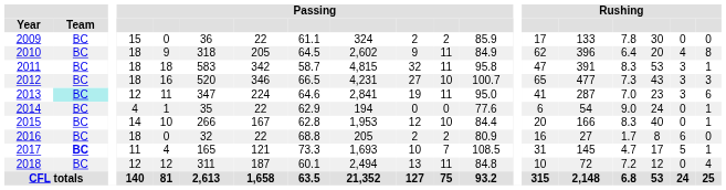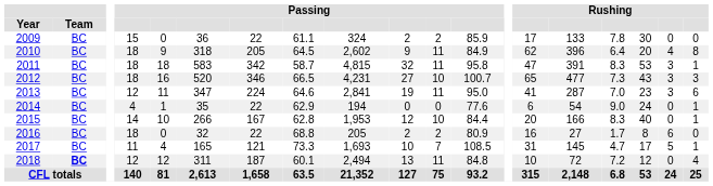 <table border="0" cellpadding="1" cellspacing="0" width="65%" style="text-align:center">
 <tr bgcolor="#e0e0e0">
 <th colspan="2"></th>
 <th rowspan="99" bgcolor="#ffffff"> </th>
 <th colspan="9">Passing</th>
 <th rowspan="99" bgcolor="#ffffff"> </th>
 <th colspan="6">Rushing</th>
 </tr>
 <tr bgcolor="#e0e0e0">
 <th>Year</th>
 <th>Team</th>
 <th></th>
 <th></th>
 <th></th>
 <th></th>
 <th></th>
 <th></th>
 <th></th>
 <th></th>
 <th></th>
 <th></th>
 <th></th>
 <th></th>
 <th></th>
 <th></th>
 <th></th>
 </tr>
 <tr align="center">
 <td><a href='#'>2009</a></td>
 <td><a href='#'>BC</a></td>
 <td>15</td>
 <td>0</td>
 <td>36</td>
 <td>22</td>
 <td>61.1</td>
 <td>324</td>
 <td>2</td>
 <td>2</td>
 <td>85.9</td>
 <td>17</td>
 <td>133</td>
 <td>7.8</td>
 <td>30</td>
 <td>0</td>
 <td>0</td>
 </tr>
 <tr align="center" bgcolor="#f0f0f0">
 <td><a href='#'>2010</a></td>
 <td><a href='#'>BC</a></td>
 <td>18</td>
 <td>9</td>
 <td>318</td>
 <td>205</td>
 <td>64.5</td>
 <td>2,602</td>
 <td>9</td>
 <td>11</td>
 <td>84.9</td>
 <td>62</td>
 <td>396</td>
 <td>6.4</td>
 <td>20</td>
 <td>4</td>
 <td>8</td>
 </tr>
 <tr align="center">
 <td><a href='#'>2011</a></td>
 <td><a href='#'>BC</a></td>
 <td>18</td>
 <td>18</td>
 <td>583</td>
 <td>342</td>
 <td>58.7</td>
 <td>4,815</td>
 <td>32</td>
 <td>11</td>
 <td>95.8</td>
 <td>47</td>
 <td>391</td>
 <td>8.3</td>
 <td>53</td>
 <td>3</td>
 <td>1</td>
 </tr>
 <tr align="center" bgcolor="#f0f0f0">
 <td><a href='#'>2012</a></td>
 <td><a href='#'>BC</a></td>
 <td>18</td>
 <td>16</td>
 <td>520</td>
 <td>346</td>
 <td>66.5</td>
 <td>4,231</td>
 <td>27</td>
 <td>10</td>
 <td>100.7</td>
 <td>65</td>
 <td>477</td>
 <td>7.3</td>
 <td>43</td>
 <td>3</td>
 <td>3</td>
 </tr>
 <tr align="center">
 <td><a href='#'>2013</a></td>
-<td style="background: paleturquoise;"><a href='#'>BC</a></td>
+<td><a href='#'>BC</a></td>
 <td>12</td>
 <td>11</td>
 <td>347</td>
 <td>224</td>
 <td>64.6</td>
 <td>2,841</td>
 <td>19</td>
 <td>11</td>
 <td>95.0</td>
 <td>41</td>
 <td>287</td>
 <td>7.0</td>
 <td>23</td>
 <td>3</td>
 <td>6</td>
 </tr>
 <tr align="center" bgcolor="#f0f0f0">
 <td><a href='#'>2014</a></td>
 <td><a href='#'>BC</a></td>
 <td>4</td>
 <td>1</td>
 <td>35</td>
 <td>22</td>
 <td>62.9</td>
 <td>194</td>
 <td>0</td>
 <td>0</td>
 <td>77.6</td>
 <td>6</td>
 <td>54</td>
 <td>9.0</td>
 <td>24</td>
 <td>0</td>
 <td>1</td>
 </tr>
 <tr align="center">
 <td><a href='#'>2015</a></td>
 <td><a href='#'>BC</a></td>
 <td>14</td>
 <td>10</td>
 <td>266</td>
 <td>167</td>
 <td>62.8</td>
 <td>1,953</td>
 <td>12</td>
 <td>10</td>
 <td>84.4</td>
 <td>20</td>
 <td>166</td>
 <td>8.3</td>
 <td>40</td>
 <td>0</td>
 <td>1</td>
 </tr>
 <tr align="center" bgcolor="#f0f0f0">
 <td><a href='#'>2016</a></td>
 <td><a href='#'>BC</a></td>
 <td>18</td>
 <td>0</td>
 <td>32</td>
 <td>22</td>
 <td>68.8</td>
 <td>205</td>
 <td>2</td>
 <td>2</td>
 <td>80.9</td>
 <td>16</td>
 <td>27</td>
 <td>1.7</td>
 <td>8</td>
 <td>6</td>
 <td>0</td>
 </tr>
 <tr align="center">
 <td><a href='#'>2017</a></td>
-<td><strong><a href='#'>BC</a></strong></td>
+<td><a href='#'>BC</a></td>
 <td>11</td>
 <td>4</td>
 <td>165</td>
 <td>121</td>
 <td>73.3</td>
 <td>1,693</td>
 <td>10</td>
 <td>7</td>
 <td>108.5</td>
 <td>31</td>
 <td>145</td>
 <td>4.7</td>
 <td>17</td>
 <td>5</td>
 <td>1</td>
 </tr>
 <tr align="center" bgcolor="#f0f0f0">
 <td><a href='#'>2018</a></td>
-<td><a href='#'>BC</a></td>
+<td><strong><a href='#'>BC</a></strong></td>
 <td>12</td>
 <td>12</td>
 <td>311</td>
 <td>187</td>
 <td>60.1</td>
 <td>2,494</td>
 <td>13</td>
 <td>11</td>
 <td>84.8</td>
 <td>10</td>
 <td>72</td>
 <td>7.2</td>
 <td>12</td>
 <td>0</td>
 <td>4</td>
 </tr>
 <tr bgcolor="#e0e0e0">
 <th colspan="2"><a href='#'>CFL</a> totals</th>
 <th>140</th>
 <th>81</th>
 <th>2,613</th>
 <th>1,658</th>
 <th>63.5</th>
 <th>21,352</th>
 <th>127</th>
 <th>75</th>
 <th>93.2</th>
 <th>315</th>
 <th>2,148</th>
 <th>6.8</th>
 <th>53</th>
 <th>24</th>
 <th>25</th>
 </tr>
 </table>
